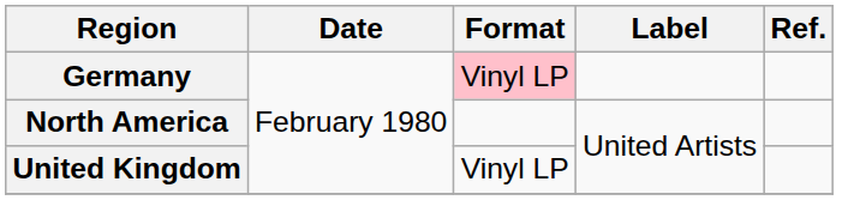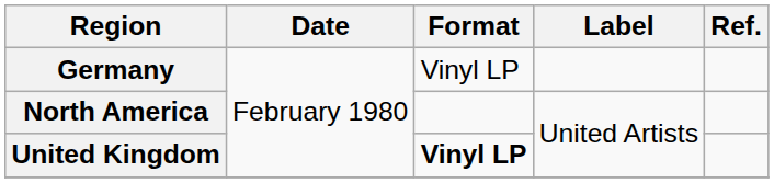 <table class="wikitable plainrowheaders">
 <tr>
 <th scope="col">Region</th>
 <th scope="col">Date</th>
 <th scope="col">Format</th>
 <th scope="col">Label</th>
 <th scope="col">Ref.</th>
 </tr>
 <tr>
 <th scope="row">Germany</th>
 <td rowspan="3">February 1980</td>
-<td style="background: pink;">Vinyl LP</td>
+<td>Vinyl LP</td>
 <td></td>
 <td></td>
 </tr>
 <tr>
 <th scope="row">North America</th>
 <td></td>
 <td rowspan="2">United Artists</td>
 <td></td>
 </tr>
 <tr>
 <th scope="row">United Kingdom</th>
-<td>Vinyl LP</td>
+<td><strong>Vinyl LP</strong></td>
 <td></td>
 </tr>
 <tr>
 </tr>
 </table>
